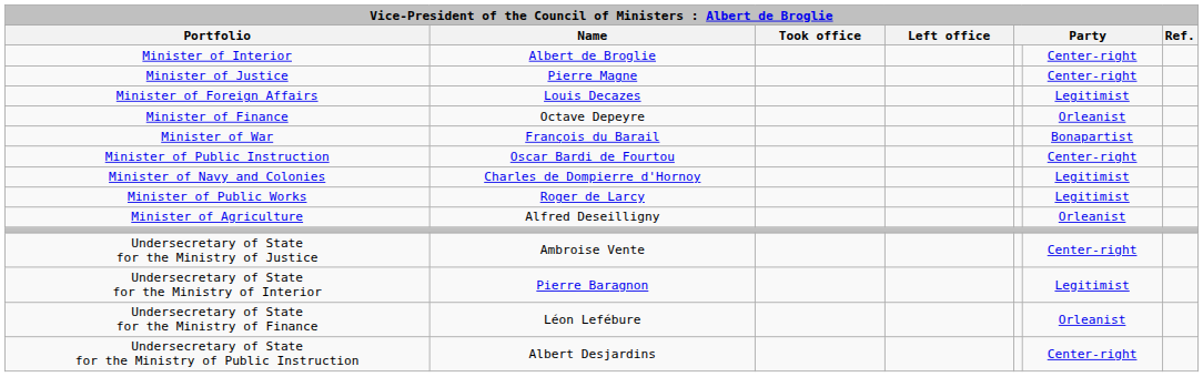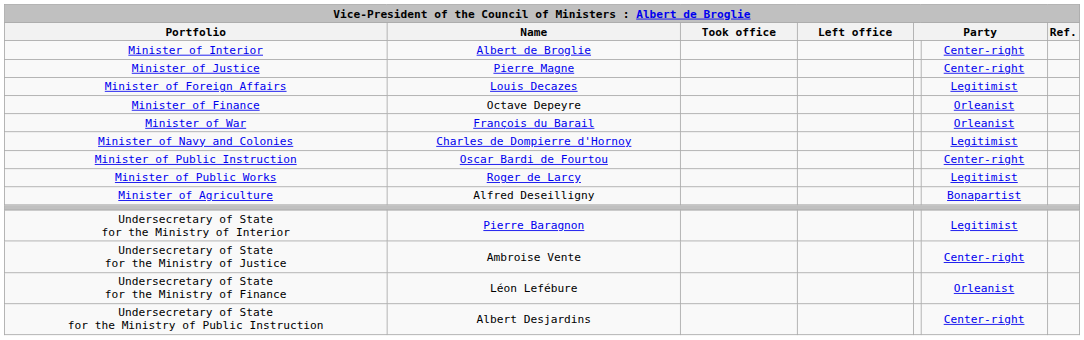 <table class="wikitable" style="text-align:center">
 <tr bgcolor="silver">
 <td colspan=7><strong>Vice-President of the Council of Ministers : <a href='#'>Albert de Broglie</a></strong></td>
 </tr>
 <tr>
 <th>Portfolio</th>
 <th>Name</th>
 <th>Took office</th>
 <th>Left office</th>
 <th colspan=2>Party</th>
 <th style="width:2%">Ref.</th>
 </tr>
 <tr>
 <td><a href='#'>Minister of Interior</a></td>
 <td><a href='#'>Albert de Broglie</a></td>
 <td></td>
 <td></td>
 <td style="background:"></td>
 <td><a href='#'>Center-right</a></td>
 <td></td>
 </tr>
 <tr>
 <td><a href='#'>Minister of Justice</a></td>
 <td><a href='#'>Pierre Magne</a></td>
 <td></td>
 <td></td>
 <td style="background:"></td>
 <td><a href='#'>Center-right</a></td>
 <td></td>
 </tr>
 <tr>
 <td><a href='#'>Minister of Foreign Affairs</a></td>
 <td><a href='#'>Louis Decazes</a></td>
 <td></td>
 <td></td>
 <td style="background:"></td>
 <td><a href='#'>Legitimist</a></td>
 <td></td>
 </tr>
 <tr>
 <td><a href='#'>Minister of Finance</a></td>
 <td>Octave Depeyre</td>
 <td></td>
 <td></td>
 <td style="background:"></td>
 <td><a href='#'>Orleanist</a></td>
 <td></td>
 </tr>
 <tr>
 <td><a href='#'>Minister of War</a></td>
 <td><a href='#'>François du Barail</a></td>
 <td></td>
 <td></td>
 <td style="background:"></td>
-<td><a href='#'>Bonapartist</a></td>
+<td><a href='#'>Orleanist</a></td>
+<td></td>
+</tr>
+<tr>
+<td><a href='#'>Minister of Navy and Colonies</a></td>
+<td><a href='#'>Charles de Dompierre d'Hornoy</a></td>
+<td></td>
+<td></td>
+<td style="background:"></td>
+<td><a href='#'>Legitimist</a></td>
 <td></td>
 </tr>
 <tr>
 <td><a href='#'>Minister of Public Instruction</a></td>
 <td><a href='#'>Oscar Bardi de Fourtou</a></td>
 <td></td>
 <td></td>
 <td style="background:"></td>
 <td><a href='#'>Center-right</a></td>
-<td></td>
-</tr>
-<tr>
-<td><a href='#'>Minister of Navy and Colonies</a></td>
-<td><a href='#'>Charles de Dompierre d'Hornoy</a></td>
-<td></td>
-<td></td>
-<td style="background:"></td>
-<td><a href='#'>Legitimist</a></td>
 <td></td>
 </tr>
 <tr>
 <td><a href='#'>Minister of Public Works</a></td>
 <td><a href='#'>Roger de Larcy</a></td>
 <td></td>
 <td></td>
 <td style="background:"></td>
 <td><a href='#'>Legitimist</a></td>
 <td></td>
 </tr>
 <tr>
 <td><a href='#'>Minister of Agriculture</a></td>
 <td>Alfred Deseilligny</td>
 <td></td>
 <td></td>
 <td style="background:"></td>
-<td><a href='#'>Orleanist</a></td>
+<td><a href='#'>Bonapartist</a></td>
 <td></td>
 </tr>
 <tr bgcolor="silver">
 <td colspan=7></td>
+</tr>
+<tr>
+<td>Undersecretary of State<br>for the Ministry of Interior</td>
+<td><a href='#'>Pierre Baragnon</a></td>
+<td></td>
+<td></td>
+<td style="background:"></td>
+<td><a href='#'>Legitimist</a></td>
+<td></td>
 </tr>
 <tr>
 <td>Undersecretary of State<br>for the Ministry of Justice</td>
 <td>Ambroise Vente</td>
 <td></td>
 <td></td>
 <td style="background:"></td>
 <td><a href='#'>Center-right</a></td>
-<td></td>
-</tr>
-<tr>
-<td>Undersecretary of State<br>for the Ministry of Interior</td>
-<td><a href='#'>Pierre Baragnon</a></td>
-<td></td>
-<td></td>
-<td style="background:"></td>
-<td><a href='#'>Legitimist</a></td>
 <td></td>
 </tr>
 <tr>
 <td>Undersecretary of State<br>for the Ministry of Finance</td>
 <td>Léon Lefébure</td>
 <td></td>
 <td></td>
 <td style="background:"></td>
 <td><a href='#'>Orleanist</a></td>
 <td></td>
 </tr>
 <tr>
 <td>Undersecretary of State<br>for the Ministry of Public Instruction</td>
 <td>Albert Desjardins</td>
 <td></td>
 <td></td>
 <td style="background:"></td>
 <td><a href='#'>Center-right</a></td>
 <td></td>
 </tr>
 </table>
